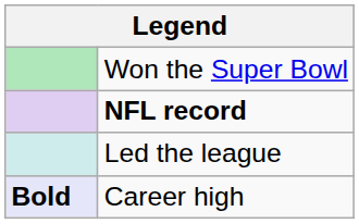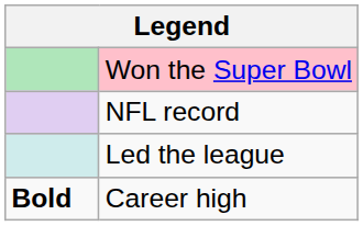 <table class="wikitable mw-collapsible mw-collapsed">
 <tr>
 <th colspan="3">Legend</th>
 </tr>
 <tr>
 <td style="background:#afe6ba; width:3em;"></td>
-<td>Won the <a href='#'>Super Bowl</a></td>
+<td style="background: pink;">Won the <a href='#'>Super Bowl</a></td>
 </tr>
 <tr>
 <td style="background:#e0cef2; width:3em;"></td>
-<td><strong>NFL record</strong></td>
+<td>NFL record</td>
 </tr>
 <tr>
 <td style="background:#cfecec; width:3em;"></td>
 <td>Led the league</td>
 </tr>
 <tr>
-<td style="background: lavender;"><strong>Bold</strong></td>
+<td><strong>Bold</strong></td>
 <td>Career high</td>
 </tr>
 </table>
